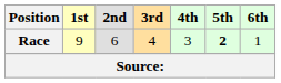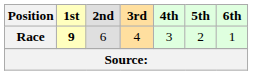 <table class="wikitable" style="font-size: 85%; text-align:center">
 <tr>
 <th>Position</th>
 <th style="background-color:#ffffbf"> 1st </th>
 <th style="background-color:#dfdfdf"> 2nd </th>
 <th style="background-color:#ffdf9f"> 3rd </th>
 <th style="background-color:#dfffdf"> 4th </th>
 <th style="background-color:#dfffdf"> 5th </th>
 <th style="background-color:#dfffdf"> 6th </th>
 </tr>
 <tr>
 <th>Race</th>
-<td style="background-color:#ffffbf">9</td>
+<td style="background-color:#ffffbf"><strong>9</strong></td>
 <td style="background-color:#dfdfdf">6</td>
 <td style="background-color:#ffdf9f">4</td>
 <td style="background-color:#dfffdf">3</td>
-<td style="background-color:#dfffdf"><strong>2</strong></td>
+<td style="background-color:#dfffdf">2</td>
 <td style="background-color:#dfffdf">1</td>
 </tr>
 <tr>
 </tr>
 <tr class="sortbottom">
 <th colspan="7">Source:</th>
 </tr>
 </table>
